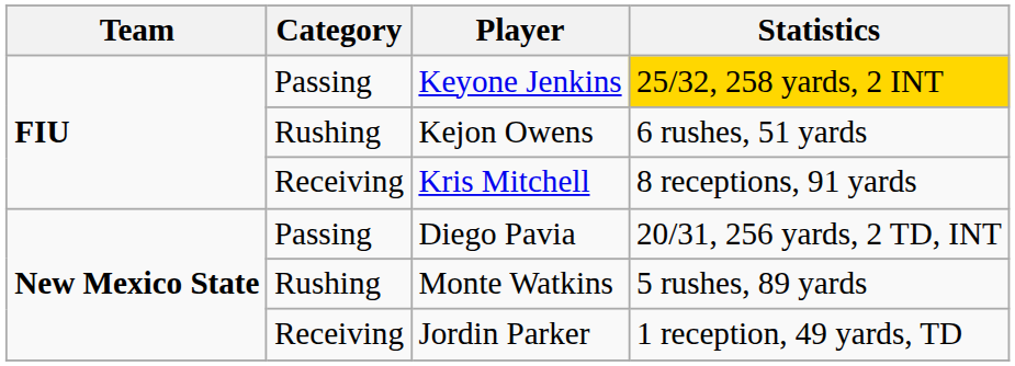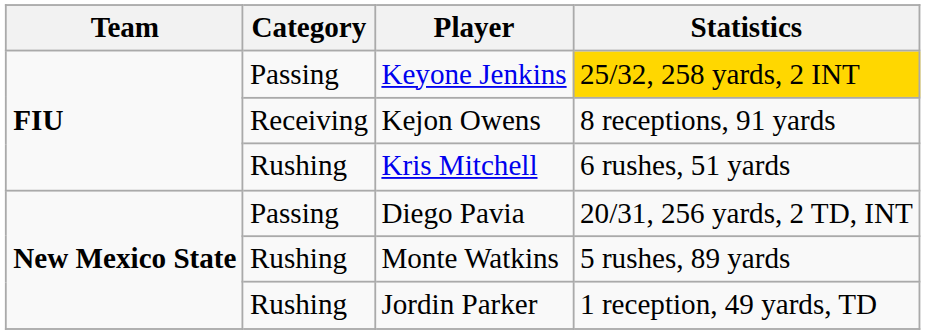 <table class="wikitable" style="float: right;">
 <tr>
 <th>Team</th>
 <th>Category</th>
 <th>Player</th>
 <th>Statistics</th>
 </tr>
 <tr>
 <td rowspan=3><strong>FIU</strong></td>
 <td>Passing</td>
 <td><a href='#'>Keyone Jenkins</a></td>
 <td style="background: gold;">25/32, 258 yards, 2 INT</td>
 </tr>
 <tr>
-<td>Rushing</td>
+<td>Receiving</td>
 <td>Kejon Owens</td>
-<td>6 rushes, 51 yards</td>
+<td>8 receptions, 91 yards</td>
 </tr>
 <tr>
-<td>Receiving</td>
+<td>Rushing</td>
 <td><a href='#'>Kris Mitchell</a></td>
-<td>8 receptions, 91 yards</td>
+<td>6 rushes, 51 yards</td>
 </tr>
 <tr>
 <td rowspan=3><strong>New Mexico State</strong></td>
 <td>Passing</td>
 <td>Diego Pavia</td>
 <td>20/31, 256 yards, 2 TD, INT</td>
 </tr>
 <tr>
 <td>Rushing</td>
 <td>Monte Watkins</td>
 <td>5 rushes, 89 yards</td>
 </tr>
 <tr>
-<td>Receiving</td>
+<td>Rushing</td>
 <td>Jordin Parker</td>
 <td>1 reception, 49 yards, TD</td>
 </tr>
 </table>
